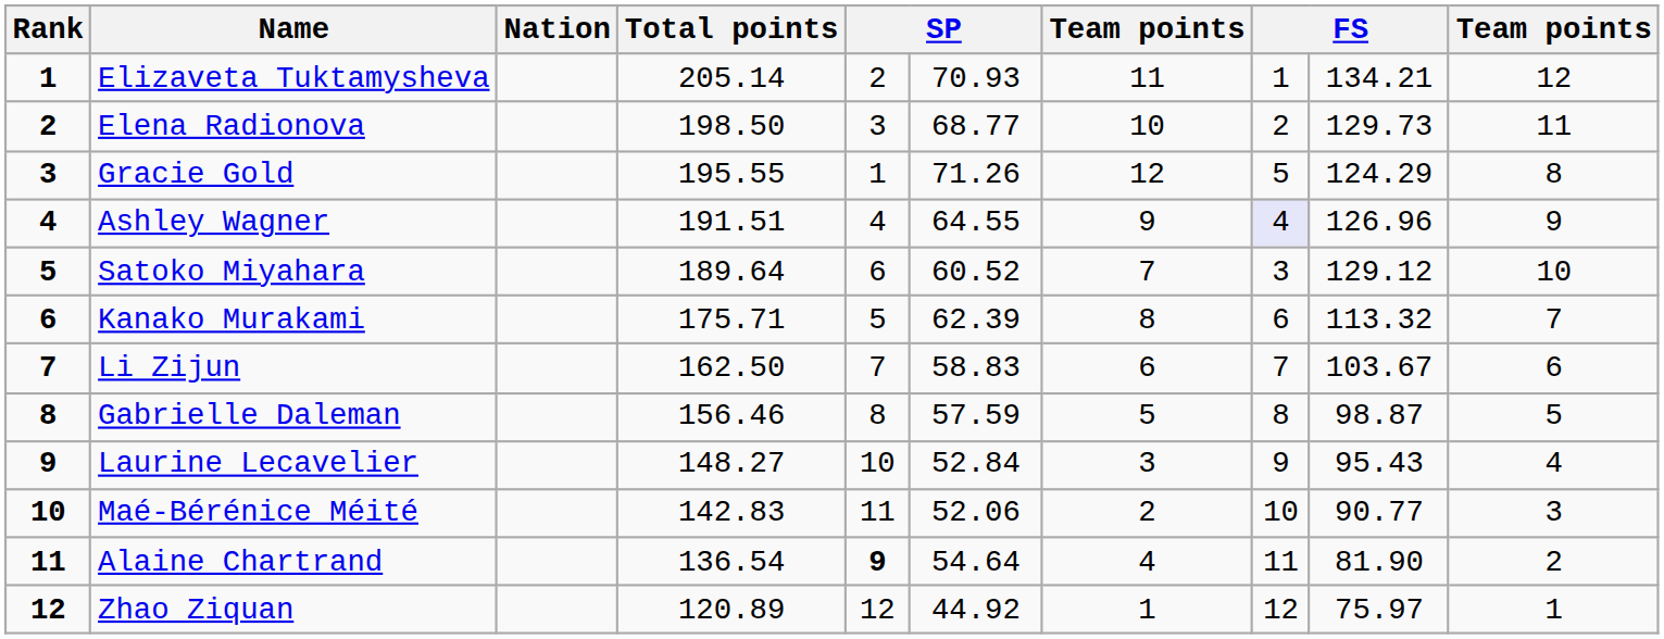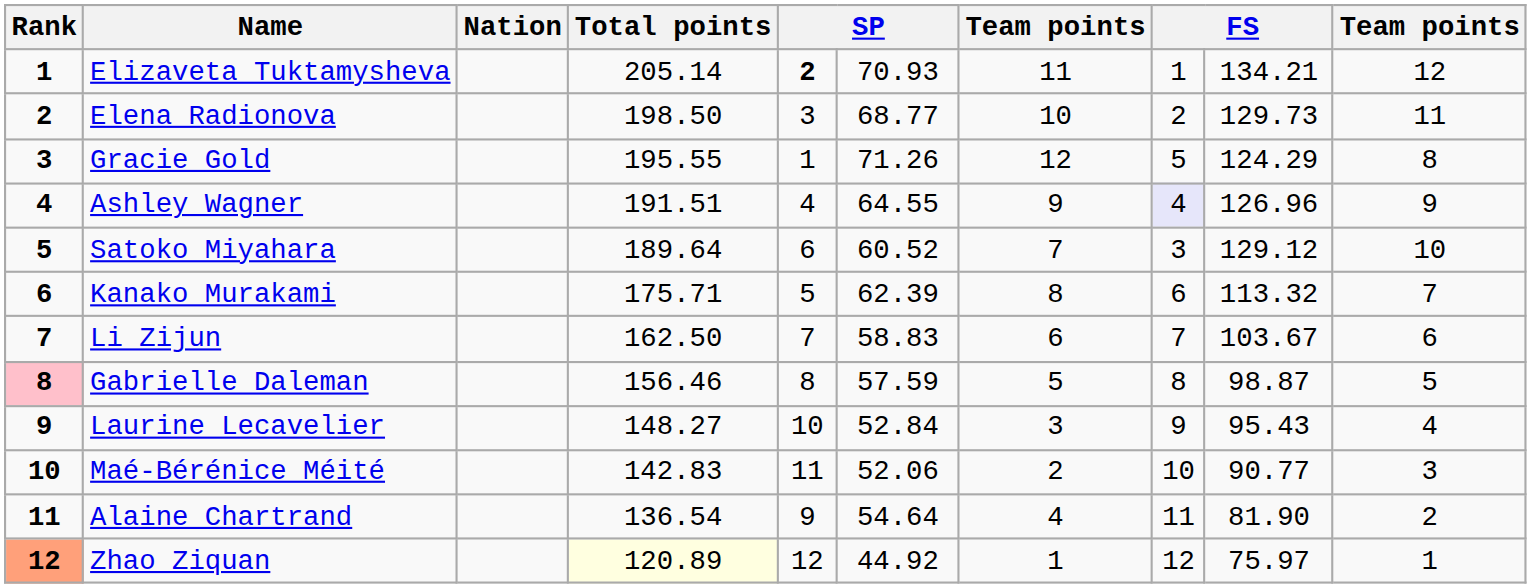 <table class="wikitable sortable">
 <tr>
 <th>Rank</th>
 <th>Name</th>
 <th>Nation</th>
 <th>Total points</th>
 <th colspan="2" width="80px"><a href='#'>SP</a></th>
 <th>Team points</th>
 <th colspan="2" width="80px"><a href='#'>FS</a></th>
 <th>Team points</th>
 </tr>
 <tr>
 <td style="text-align: center;"><strong>1</strong></td>
 <td><a href='#'>Elizaveta Tuktamysheva</a></td>
 <td></td>
 <td style="text-align: center;">205.14</td>
-<td style="text-align: center;">2</td>
+<td style="text-align: center;"><strong>2</strong></td>
 <td style="text-align: center;">70.93</td>
 <td style="text-align: center;">11</td>
 <td style="text-align: center;">1</td>
 <td style="text-align: center;">134.21</td>
 <td style="text-align: center;">12</td>
 </tr>
 <tr>
 <td style="text-align: center;"><strong>2</strong></td>
 <td><a href='#'>Elena Radionova</a></td>
 <td></td>
 <td style="text-align: center;">198.50</td>
 <td style="text-align: center;">3</td>
 <td style="text-align: center;">68.77</td>
 <td style="text-align: center;">10</td>
 <td style="text-align: center;">2</td>
 <td style="text-align: center;">129.73</td>
 <td style="text-align: center;">11</td>
 </tr>
 <tr>
 <td style="text-align: center;"><strong>3</strong></td>
 <td><a href='#'>Gracie Gold</a></td>
 <td></td>
 <td style="text-align: center;">195.55</td>
 <td style="text-align: center;">1</td>
 <td style="text-align: center;">71.26</td>
 <td style="text-align: center;">12</td>
 <td style="text-align: center;">5</td>
 <td style="text-align: center;">124.29</td>
 <td style="text-align: center;">8</td>
 </tr>
 <tr>
 <td style="text-align: center;"><strong>4</strong></td>
 <td><a href='#'>Ashley Wagner</a></td>
 <td></td>
 <td style="text-align: center;">191.51</td>
 <td style="text-align: center;">4</td>
 <td style="text-align: center;">64.55</td>
 <td style="text-align: center;">9</td>
 <td style="background: lavender; text-align: center;">4</td>
 <td style="text-align: center;">126.96</td>
 <td style="text-align: center;">9</td>
 </tr>
 <tr>
 <td style="text-align: center;"><strong>5</strong></td>
 <td><a href='#'>Satoko Miyahara</a></td>
 <td></td>
 <td style="text-align: center;">189.64</td>
 <td style="text-align: center;">6</td>
 <td style="text-align: center;">60.52</td>
 <td style="text-align: center;">7</td>
 <td style="text-align: center;">3</td>
 <td style="text-align: center;">129.12</td>
 <td style="text-align: center;">10</td>
 </tr>
 <tr>
 <td style="text-align: center;"><strong>6</strong></td>
 <td><a href='#'>Kanako Murakami</a></td>
 <td></td>
 <td style="text-align: center;">175.71</td>
 <td style="text-align: center;">5</td>
 <td style="text-align: center;">62.39</td>
 <td style="text-align: center;">8</td>
 <td style="text-align: center;">6</td>
 <td style="text-align: center;">113.32</td>
 <td style="text-align: center;">7</td>
 </tr>
 <tr>
 <td style="text-align: center;"><strong>7</strong></td>
 <td><a href='#'>Li Zijun</a></td>
 <td></td>
 <td style="text-align: center;">162.50</td>
 <td style="text-align: center;">7</td>
 <td style="text-align: center;">58.83</td>
 <td style="text-align: center;">6</td>
 <td style="text-align: center;">7</td>
 <td style="text-align: center;">103.67</td>
 <td style="text-align: center;">6</td>
 </tr>
 <tr>
-<td style="text-align: center;"><strong>8</strong></td>
+<td style="background: pink; text-align: center;"><strong>8</strong></td>
 <td><a href='#'>Gabrielle Daleman</a></td>
 <td></td>
 <td style="text-align: center;">156.46</td>
 <td style="text-align: center;">8</td>
 <td style="text-align: center;">57.59</td>
 <td style="text-align: center;">5</td>
 <td style="text-align: center;">8</td>
 <td style="text-align: center;">98.87</td>
 <td style="text-align: center;">5</td>
 </tr>
 <tr>
 <td style="text-align: center;"><strong>9</strong></td>
 <td><a href='#'>Laurine Lecavelier</a></td>
 <td></td>
 <td style="text-align: center;">148.27</td>
 <td style="text-align: center;">10</td>
 <td style="text-align: center;">52.84</td>
 <td style="text-align: center;">3</td>
 <td style="text-align: center;">9</td>
 <td style="text-align: center;">95.43</td>
 <td style="text-align: center;">4</td>
 </tr>
 <tr>
 <td style="text-align: center;"><strong>10</strong></td>
 <td><a href='#'>Maé-Bérénice Méité</a></td>
 <td></td>
 <td style="text-align: center;">142.83</td>
 <td style="text-align: center;">11</td>
 <td style="text-align: center;">52.06</td>
 <td style="text-align: center;">2</td>
 <td style="text-align: center;">10</td>
 <td style="text-align: center;">90.77</td>
 <td style="text-align: center;">3</td>
 </tr>
 <tr>
 <td style="text-align: center;"><strong>11</strong></td>
 <td><a href='#'>Alaine Chartrand</a></td>
 <td></td>
 <td style="text-align: center;">136.54</td>
-<td style="text-align: center;"><strong>9</strong></td>
+<td style="text-align: center;">9</td>
 <td style="text-align: center;">54.64</td>
 <td style="text-align: center;">4</td>
 <td style="text-align: center;">11</td>
 <td style="text-align: center;">81.90</td>
 <td style="text-align: center;">2</td>
 </tr>
 <tr>
-<td style="text-align: center;"><strong>12</strong></td>
+<td style="background: lightsalmon; text-align: center;"><strong>12</strong></td>
 <td><a href='#'>Zhao Ziquan</a></td>
 <td></td>
-<td style="text-align: center;">120.89</td>
+<td style="background: lightyellow; text-align: center;">120.89</td>
 <td style="text-align: center;">12</td>
 <td style="text-align: center;">44.92</td>
 <td style="text-align: center;">1</td>
 <td style="text-align: center;">12</td>
 <td style="text-align: center;">75.97</td>
 <td style="text-align: center;">1</td>
 </tr>
 </table>
